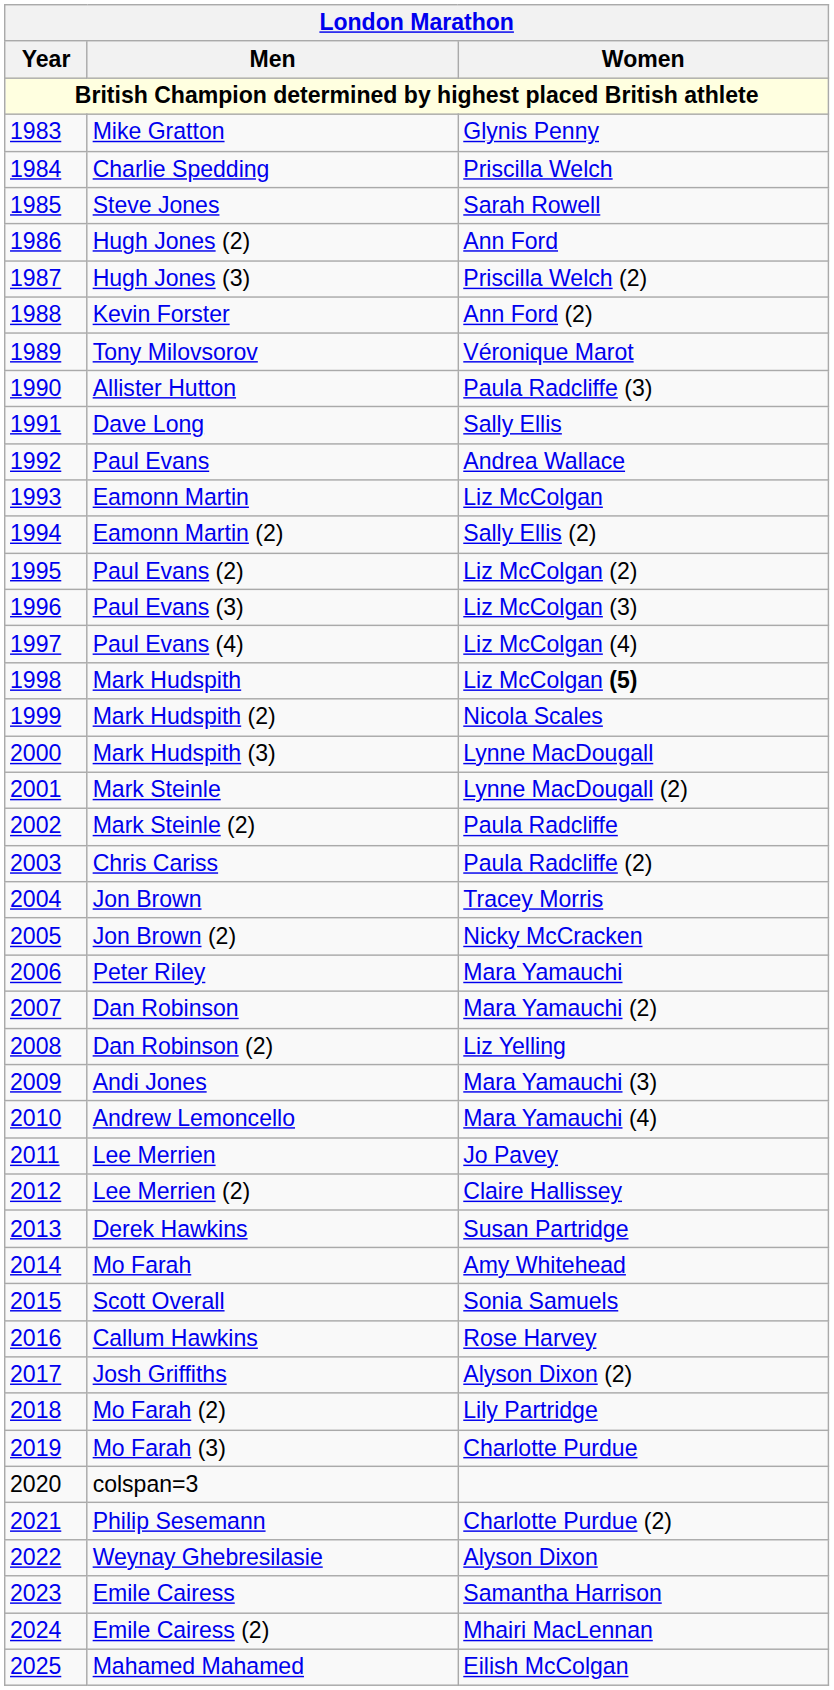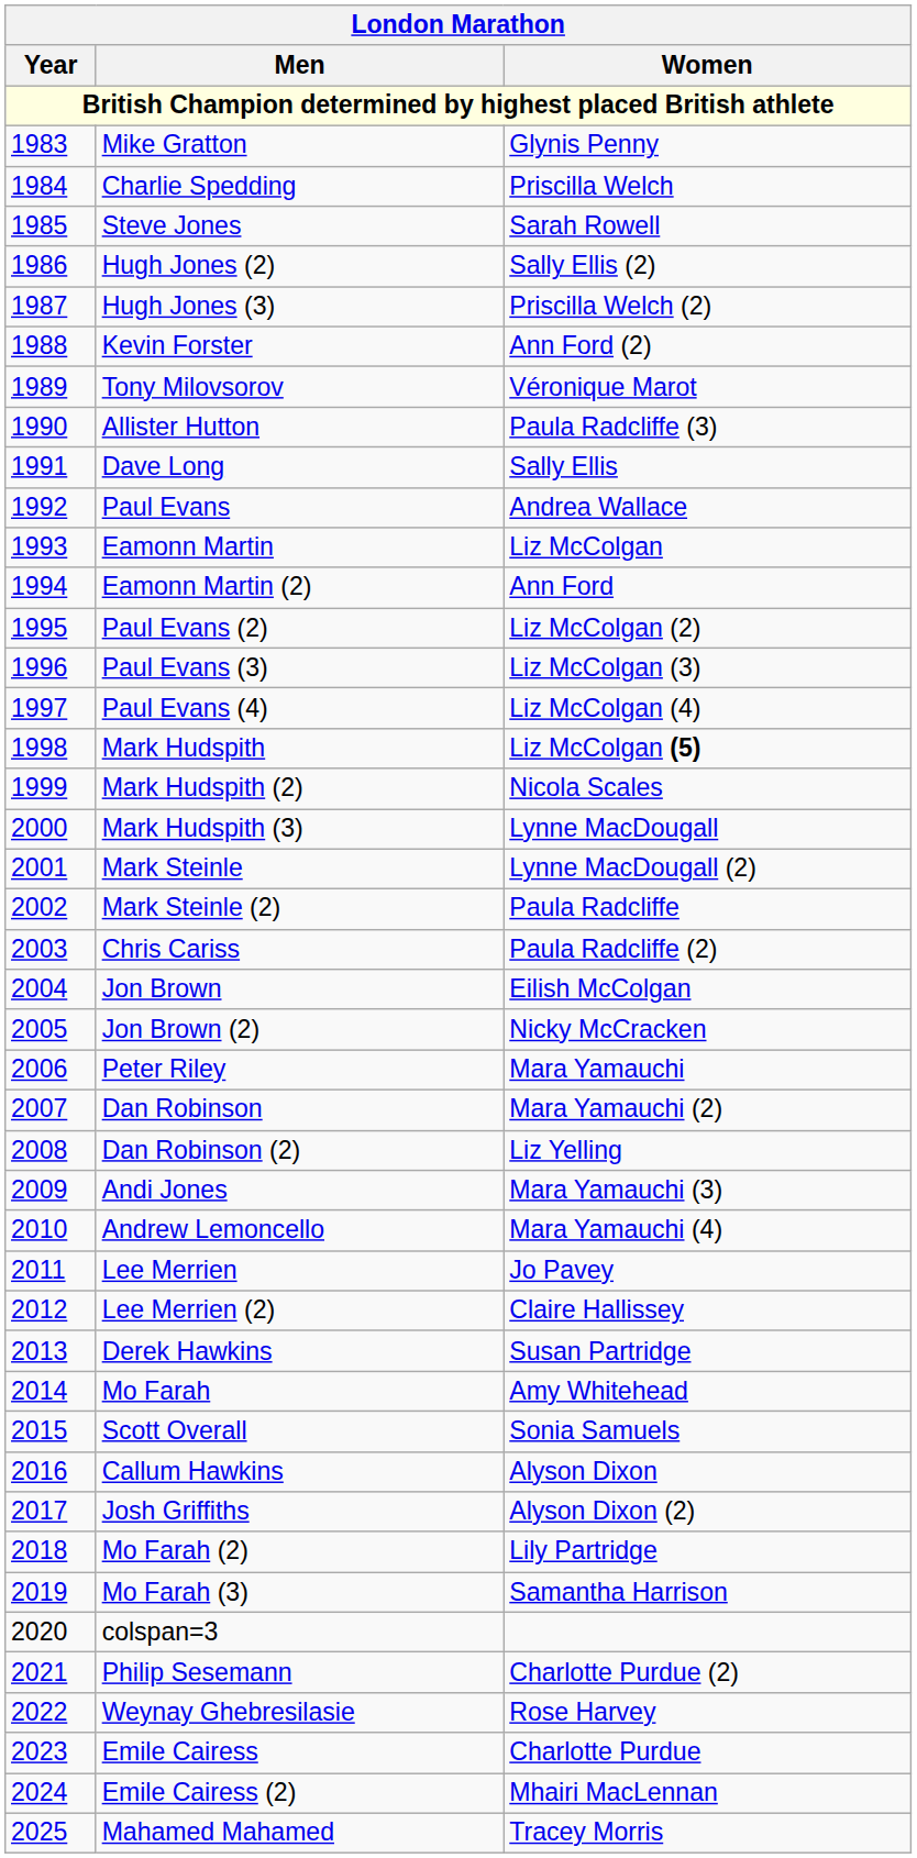 <table class="wikitable">
 <tr>
 <th colspan="3"><a href='#'>London Marathon</a></th>
 </tr>
 <tr>
 <th width=50>Year</th>
 <th width=250>Men</th>
 <th width=250>Women</th>
 </tr>
 <tr>
 <th colspan=4 style="background:#FFFFE0;">British Champion determined by highest placed British athlete</th>
 </tr>
 <tr>
 <td><a href='#'>1983</a></td>
 <td><a href='#'>Mike Gratton</a></td>
 <td><a href='#'>Glynis Penny</a></td>
 </tr>
 <tr>
 <td><a href='#'>1984</a></td>
 <td><a href='#'>Charlie Spedding</a></td>
 <td><a href='#'>Priscilla Welch</a></td>
 </tr>
 <tr>
 <td><a href='#'>1985</a></td>
 <td><a href='#'>Steve Jones</a></td>
 <td><a href='#'>Sarah Rowell</a></td>
 </tr>
 <tr>
 <td><a href='#'>1986</a></td>
 <td><a href='#'>Hugh Jones</a> (2)</td>
-<td><a href='#'>Ann Ford</a></td>
+<td><a href='#'>Sally Ellis</a> (2)</td>
 </tr>
 <tr>
 <td><a href='#'>1987</a></td>
 <td><a href='#'>Hugh Jones</a> (3)</td>
 <td><a href='#'>Priscilla Welch</a> (2)</td>
 </tr>
 <tr>
 <td><a href='#'>1988</a></td>
 <td><a href='#'>Kevin Forster</a></td>
 <td><a href='#'>Ann Ford</a> (2)</td>
 </tr>
 <tr>
 <td><a href='#'>1989</a></td>
 <td><a href='#'>Tony Milovsorov</a></td>
 <td><a href='#'>Véronique Marot</a></td>
 </tr>
 <tr>
 <td><a href='#'>1990</a></td>
 <td><a href='#'>Allister Hutton</a></td>
 <td><a href='#'>Paula Radcliffe</a> (3)</td>
 </tr>
 <tr>
 <td><a href='#'>1991</a></td>
 <td><a href='#'>Dave Long</a></td>
 <td><a href='#'>Sally Ellis</a></td>
 </tr>
 <tr>
 <td><a href='#'>1992</a></td>
 <td><a href='#'>Paul Evans</a></td>
 <td><a href='#'>Andrea Wallace</a></td>
 </tr>
 <tr>
 <td><a href='#'>1993</a></td>
 <td><a href='#'>Eamonn Martin</a></td>
 <td><a href='#'>Liz McColgan</a></td>
 </tr>
 <tr>
 <td><a href='#'>1994</a></td>
 <td><a href='#'>Eamonn Martin</a> (2)</td>
-<td><a href='#'>Sally Ellis</a> (2)</td>
+<td><a href='#'>Ann Ford</a></td>
 </tr>
 <tr>
 <td><a href='#'>1995</a></td>
 <td><a href='#'>Paul Evans</a> (2)</td>
 <td><a href='#'>Liz McColgan</a> (2)</td>
 </tr>
 <tr>
 <td><a href='#'>1996</a></td>
 <td><a href='#'>Paul Evans</a> (3)</td>
 <td><a href='#'>Liz McColgan</a> (3)</td>
 </tr>
 <tr>
 <td><a href='#'>1997</a></td>
 <td><a href='#'>Paul Evans</a> (4)</td>
 <td><a href='#'>Liz McColgan</a> (4)</td>
 </tr>
 <tr>
 <td><a href='#'>1998</a></td>
 <td><a href='#'>Mark Hudspith</a></td>
 <td><a href='#'>Liz McColgan</a> <strong>(5)</strong></td>
 </tr>
 <tr>
 <td><a href='#'>1999</a></td>
 <td><a href='#'>Mark Hudspith</a> (2)</td>
 <td><a href='#'>Nicola Scales</a></td>
 </tr>
 <tr>
 <td><a href='#'>2000</a></td>
 <td><a href='#'>Mark Hudspith</a> (3)</td>
 <td><a href='#'>Lynne MacDougall</a></td>
 </tr>
 <tr>
 <td><a href='#'>2001</a></td>
 <td><a href='#'>Mark Steinle</a></td>
 <td><a href='#'>Lynne MacDougall</a> (2)</td>
 </tr>
 <tr>
 <td><a href='#'>2002</a></td>
 <td><a href='#'>Mark Steinle</a> (2)</td>
 <td><a href='#'>Paula Radcliffe</a></td>
 </tr>
 <tr>
 <td><a href='#'>2003</a></td>
 <td><a href='#'>Chris Cariss</a></td>
 <td><a href='#'>Paula Radcliffe</a> (2)</td>
 </tr>
 <tr>
 <td><a href='#'>2004</a></td>
 <td><a href='#'>Jon Brown</a></td>
-<td><a href='#'>Tracey Morris</a></td>
+<td><a href='#'>Eilish McColgan</a></td>
 </tr>
 <tr>
 <td><a href='#'>2005</a></td>
 <td><a href='#'>Jon Brown</a> (2)</td>
 <td><a href='#'>Nicky McCracken</a></td>
 </tr>
 <tr>
 <td><a href='#'>2006</a></td>
 <td><a href='#'>Peter Riley</a></td>
 <td><a href='#'>Mara Yamauchi</a></td>
 </tr>
 <tr>
 <td><a href='#'>2007</a></td>
 <td><a href='#'>Dan Robinson</a></td>
 <td><a href='#'>Mara Yamauchi</a> (2)</td>
 </tr>
 <tr>
 <td><a href='#'>2008</a></td>
 <td><a href='#'>Dan Robinson</a> (2)</td>
 <td><a href='#'>Liz Yelling</a></td>
 </tr>
 <tr>
 <td><a href='#'>2009</a></td>
 <td><a href='#'>Andi Jones</a></td>
 <td><a href='#'>Mara Yamauchi</a> (3)</td>
 </tr>
 <tr>
 <td><a href='#'>2010</a></td>
 <td><a href='#'>Andrew Lemoncello</a></td>
 <td><a href='#'>Mara Yamauchi</a> (4)</td>
 </tr>
 <tr>
 <td><a href='#'>2011</a></td>
 <td><a href='#'>Lee Merrien</a></td>
 <td><a href='#'>Jo Pavey</a></td>
 </tr>
 <tr>
 <td><a href='#'>2012</a></td>
 <td><a href='#'>Lee Merrien</a> (2)</td>
 <td><a href='#'>Claire Hallissey</a></td>
 </tr>
 <tr>
 <td><a href='#'>2013</a></td>
 <td><a href='#'>Derek Hawkins</a></td>
 <td><a href='#'>Susan Partridge</a></td>
 </tr>
 <tr>
 <td><a href='#'>2014</a></td>
 <td><a href='#'>Mo Farah</a></td>
 <td><a href='#'>Amy Whitehead</a></td>
 </tr>
 <tr>
 <td><a href='#'>2015</a></td>
 <td><a href='#'>Scott Overall</a></td>
 <td><a href='#'>Sonia Samuels</a></td>
 </tr>
 <tr>
 <td><a href='#'>2016</a></td>
 <td><a href='#'>Callum Hawkins</a></td>
-<td><a href='#'>Rose Harvey</a></td>
+<td><a href='#'>Alyson Dixon</a></td>
 </tr>
 <tr>
 <td><a href='#'>2017</a></td>
 <td><a href='#'>Josh Griffiths</a></td>
 <td><a href='#'>Alyson Dixon</a> (2)</td>
 </tr>
 <tr>
 <td><a href='#'>2018</a></td>
 <td><a href='#'>Mo Farah</a> (2)</td>
 <td><a href='#'>Lily Partridge</a></td>
 </tr>
 <tr>
 <td><a href='#'>2019</a></td>
 <td><a href='#'>Mo Farah</a> (3)</td>
-<td><a href='#'>Charlotte Purdue</a></td>
+<td><a href='#'>Samantha Harrison</a></td>
 </tr>
 <tr>
 <td>2020</td>
 <td>colspan=3 </td>
 </tr>
 <tr>
 <td><a href='#'>2021</a></td>
 <td><a href='#'>Philip Sesemann</a></td>
 <td><a href='#'>Charlotte Purdue</a> (2)</td>
 </tr>
 <tr>
 <td><a href='#'>2022</a></td>
 <td><a href='#'>Weynay Ghebresilasie</a></td>
-<td><a href='#'>Alyson Dixon</a></td>
+<td><a href='#'>Rose Harvey</a></td>
 </tr>
 <tr>
 <td><a href='#'>2023</a></td>
 <td><a href='#'>Emile Cairess</a></td>
-<td><a href='#'>Samantha Harrison</a></td>
+<td><a href='#'>Charlotte Purdue</a></td>
 </tr>
 <tr>
 <td><a href='#'>2024</a></td>
 <td><a href='#'>Emile Cairess</a> (2)</td>
 <td><a href='#'>Mhairi MacLennan</a></td>
 </tr>
 <tr>
 <td><a href='#'>2025</a></td>
 <td><a href='#'>Mahamed Mahamed</a></td>
-<td><a href='#'>Eilish McColgan</a></td>
+<td><a href='#'>Tracey Morris</a></td>
 </tr>
 </table>
